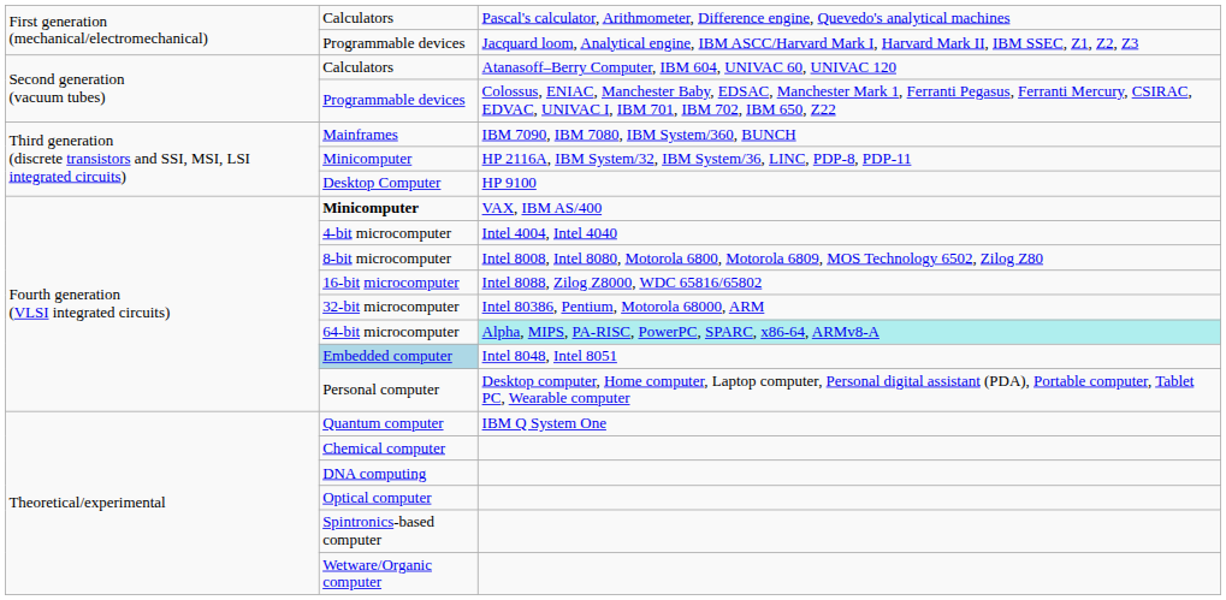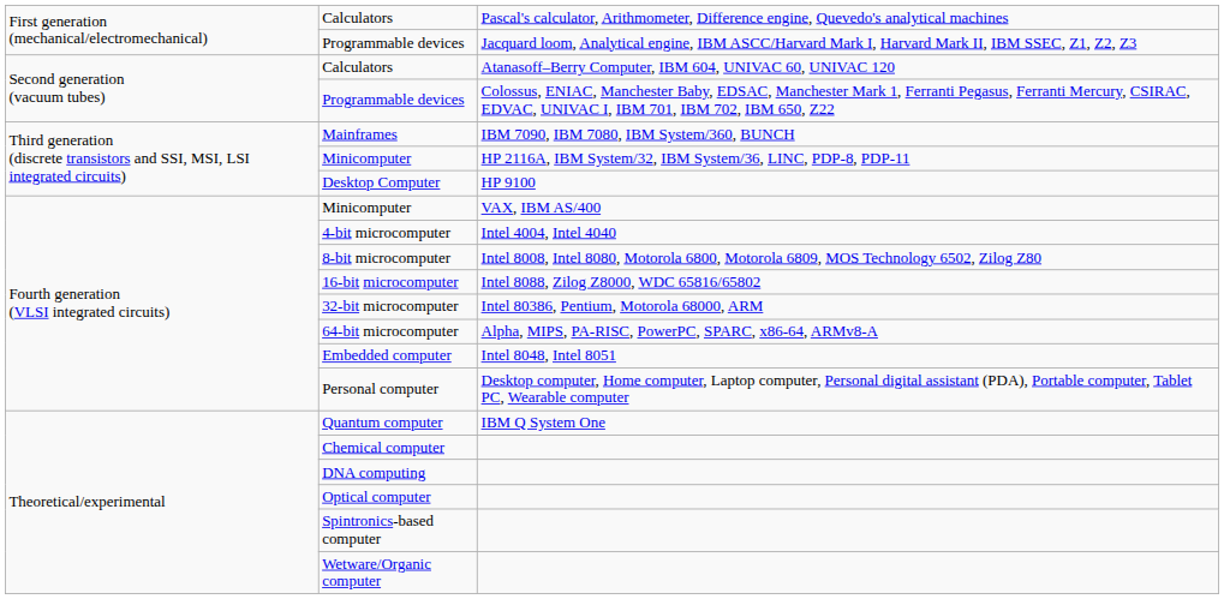 <table class="wikitable">
 <tr>
 <td rowspan="2">First generation<br>(mechanical/electromechanical)</td>
 <td>Calculators</td>
 <td><a href='#'>Pascal's calculator</a>, <a href='#'>Arithmometer</a>, <a href='#'>Difference engine</a>, <a href='#'>Quevedo's analytical machines</a></td>
 </tr>
 <tr>
 <td>Programmable devices</td>
 <td><a href='#'>Jacquard loom</a>, <a href='#'>Analytical engine</a>, <a href='#'>IBM ASCC/Harvard Mark I</a>, <a href='#'>Harvard Mark II</a>, <a href='#'>IBM SSEC</a>, <a href='#'>Z1</a>, <a href='#'>Z2</a>, <a href='#'>Z3</a></td>
 </tr>
 <tr>
 <td rowspan="2">Second generation<br>(vacuum tubes)</td>
 <td>Calculators</td>
 <td><a href='#'>Atanasoff–Berry Computer</a>, <a href='#'>IBM 604</a>, <a href='#'>UNIVAC 60</a>, <a href='#'>UNIVAC 120</a></td>
 </tr>
 <tr>
 <td><a href='#'>Programmable devices</a></td>
 <td><a href='#'>Colossus</a>, <a href='#'>ENIAC</a>, <a href='#'>Manchester Baby</a>, <a href='#'>EDSAC</a>, <a href='#'>Manchester Mark 1</a>, <a href='#'>Ferranti Pegasus</a>, <a href='#'>Ferranti Mercury</a>, <a href='#'>CSIRAC</a>, <a href='#'>EDVAC</a>, <a href='#'>UNIVAC I</a>, <a href='#'>IBM 701</a>, <a href='#'>IBM 702</a>, <a href='#'>IBM 650</a>, <a href='#'>Z22</a></td>
 </tr>
 <tr>
 <td rowspan="3">Third generation<br>(discrete <a href='#'>transistors</a> and SSI, MSI, LSI <a href='#'>integrated circuits</a>)</td>
 <td><a href='#'>Mainframes</a></td>
 <td><a href='#'>IBM 7090</a>, <a href='#'>IBM 7080</a>, <a href='#'>IBM System/360</a>, <a href='#'>BUNCH</a></td>
 </tr>
 <tr>
 <td><a href='#'>Minicomputer</a></td>
 <td><a href='#'>HP 2116A</a>, <a href='#'>IBM System/32</a>, <a href='#'>IBM System/36</a>, <a href='#'>LINC</a>, <a href='#'>PDP-8</a>, <a href='#'>PDP-11</a></td>
 </tr>
 <tr>
 <td><a href='#'>Desktop Computer</a></td>
 <td><a href='#'>HP 9100</a></td>
 </tr>
 <tr>
 <td rowspan="8">Fourth generation<br>(<a href='#'>VLSI</a> integrated circuits)</td>
-<td><strong>Minicomputer</strong></td>
+<td>Minicomputer</td>
 <td><a href='#'>VAX</a>, <a href='#'>IBM AS/400</a></td>
 </tr>
 <tr>
 <td><a href='#'>4-bit</a> microcomputer</td>
 <td><a href='#'>Intel 4004</a>, <a href='#'>Intel 4040</a></td>
 </tr>
 <tr>
 <td><a href='#'>8-bit</a> microcomputer</td>
 <td><a href='#'>Intel 8008</a>, <a href='#'>Intel 8080</a>, <a href='#'>Motorola 6800</a>, <a href='#'>Motorola 6809</a>, <a href='#'>MOS Technology 6502</a>, <a href='#'>Zilog Z80</a></td>
 </tr>
 <tr>
 <td><a href='#'>16-bit</a> <a href='#'>microcomputer</a></td>
 <td><a href='#'>Intel 8088</a>, <a href='#'>Zilog Z8000</a>, <a href='#'>WDC 65816/65802</a></td>
 </tr>
 <tr>
 <td><a href='#'>32-bit</a> microcomputer</td>
 <td><a href='#'>Intel 80386</a>, <a href='#'>Pentium</a>, <a href='#'>Motorola 68000</a>, <a href='#'>ARM</a></td>
 </tr>
 <tr>
 <td><a href='#'>64-bit</a> microcomputer</td>
-<td style="background: paleturquoise;"><a href='#'>Alpha</a>, <a href='#'>MIPS</a>, <a href='#'>PA-RISC</a>, <a href='#'>PowerPC</a>, <a href='#'>SPARC</a>, <a href='#'>x86-64</a>, <a href='#'>ARMv8-A</a></td>
+<td><a href='#'>Alpha</a>, <a href='#'>MIPS</a>, <a href='#'>PA-RISC</a>, <a href='#'>PowerPC</a>, <a href='#'>SPARC</a>, <a href='#'>x86-64</a>, <a href='#'>ARMv8-A</a></td>
 </tr>
 <tr>
-<td style="background: lightblue;"><a href='#'>Embedded computer</a></td>
+<td><a href='#'>Embedded computer</a></td>
 <td><a href='#'>Intel 8048</a>, <a href='#'>Intel 8051</a></td>
 </tr>
 <tr>
 <td>Personal computer</td>
 <td><a href='#'>Desktop computer</a>, <a href='#'>Home computer</a>, Laptop computer, <a href='#'>Personal digital assistant</a> (PDA), <a href='#'>Portable computer</a>, <a href='#'>Tablet PC</a>, <a href='#'>Wearable computer</a></td>
 </tr>
 <tr>
 <td rowspan="6">Theoretical/experimental</td>
 <td><a href='#'>Quantum computer</a></td>
 <td><a href='#'>IBM Q System One</a></td>
 </tr>
 <tr>
 <td><a href='#'>Chemical computer</a></td>
 <td></td>
 </tr>
 <tr>
 <td><a href='#'>DNA computing</a></td>
 <td></td>
 </tr>
 <tr>
 <td><a href='#'>Optical computer</a></td>
 <td></td>
 </tr>
 <tr>
 <td><a href='#'>Spintronics</a>-based computer</td>
 <td></td>
 </tr>
 <tr>
 <td><a href='#'>Wetware/Organic computer</a></td>
 <td></td>
 </tr>
 </table>
